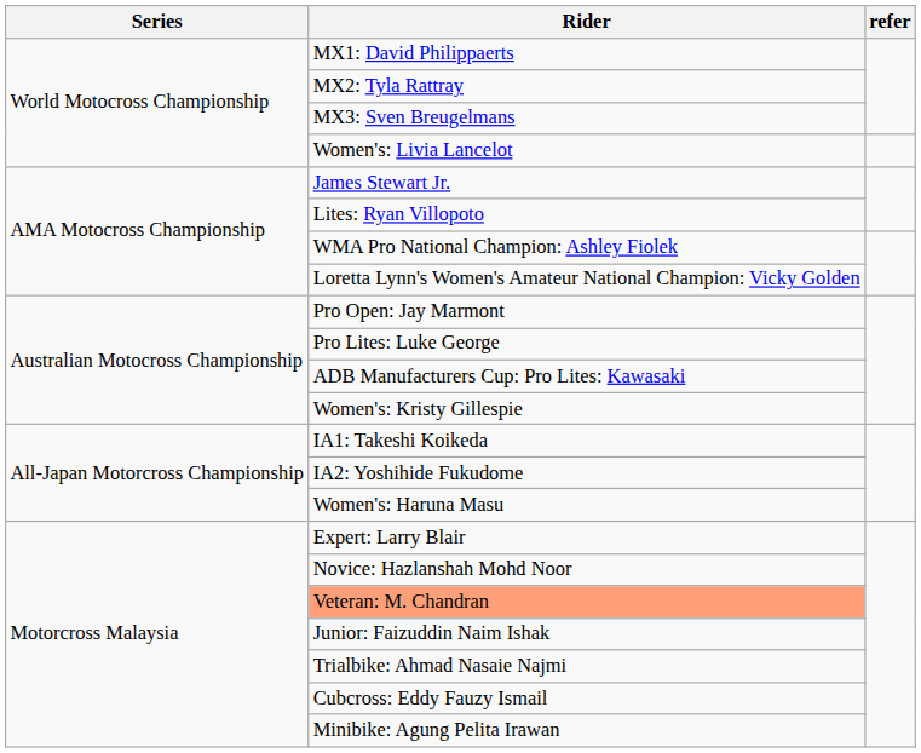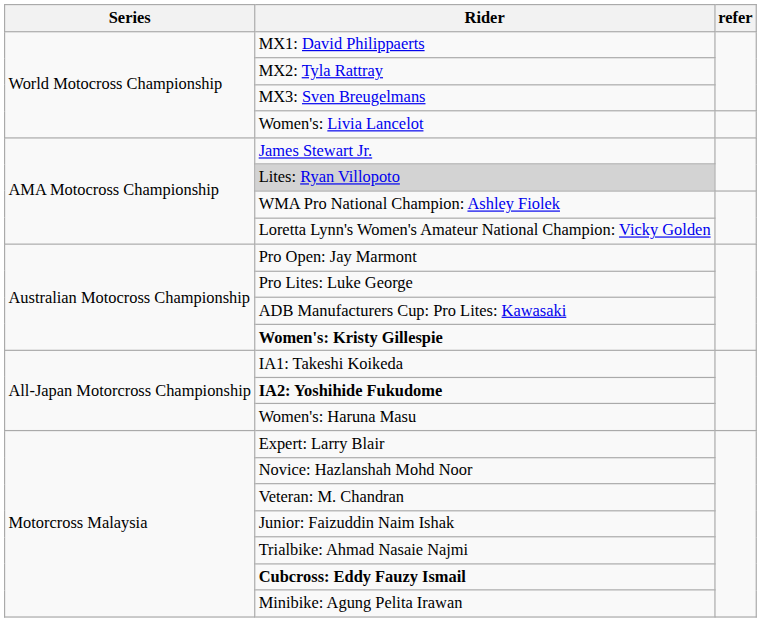 <table class="wikitable" style="font-size: 87%;">
 <tr>
 <th>Series</th>
 <th>Rider</th>
 <th>refer</th>
 </tr>
 <tr>
 <td rowspan=4>World Motocross Championship</td>
 <td>MX1:  <a href='#'>David Philippaerts</a></td>
 <td rowspan=3></td>
 </tr>
 <tr>
 <td>MX2:  <a href='#'>Tyla Rattray</a></td>
 </tr>
 <tr>
 <td>MX3:  <a href='#'>Sven Breugelmans</a></td>
 </tr>
 <tr>
 <td>Women's:  <a href='#'>Livia Lancelot</a></td>
 </tr>
 <tr>
 <td rowspan=4>AMA Motocross Championship</td>
 <td> <a href='#'>James Stewart Jr.</a></td>
 <td rowspan=2></td>
 </tr>
 <tr>
-<td>Lites:  <a href='#'>Ryan Villopoto</a></td>
+<td style="background: lightgrey;">Lites:  <a href='#'>Ryan Villopoto</a></td>
 </tr>
 <tr>
 <td>WMA Pro National Champion:  <a href='#'>Ashley Fiolek</a></td>
 </tr>
 <tr>
 <td>Loretta Lynn's Women's Amateur National Champion:  <a href='#'>Vicky Golden</a></td>
 </tr>
 <tr>
 <td rowspan=4>Australian Motocross Championship</td>
 <td>Pro Open:  Jay Marmont</td>
 <td rowspan=4></td>
 </tr>
 <tr>
 <td>Pro Lites:  Luke George</td>
 </tr>
 <tr>
 <td>ADB Manufacturers Cup: Pro Lites: <a href='#'>Kawasaki</a></td>
 </tr>
 <tr>
-<td>Women's:  Kristy Gillespie</td>
+<td><strong>Women's:  Kristy Gillespie</strong></td>
 </tr>
 <tr>
 <td rowspan=3>All-Japan Motorcross Championship</td>
 <td>IA1:  Takeshi Koikeda</td>
 <td rowspan=3></td>
 </tr>
 <tr>
-<td>IA2:  Yoshihide Fukudome</td>
+<td><strong>IA2:  Yoshihide Fukudome</strong></td>
 </tr>
 <tr>
 <td>Women's:  Haruna Masu</td>
 </tr>
 <tr>
 <td rowspan=7>Motorcross Malaysia</td>
 <td>Expert:  Larry Blair</td>
 <td rowspan=7></td>
 </tr>
 <tr>
 <td>Novice:  Hazlanshah Mohd Noor</td>
 </tr>
 <tr>
-<td style="background: lightsalmon;">Veteran:  M. Chandran</td>
+<td>Veteran:  M. Chandran</td>
 </tr>
 <tr>
 <td>Junior:  Faizuddin Naim Ishak</td>
 </tr>
 <tr>
 <td>Trialbike:  Ahmad Nasaie Najmi</td>
 </tr>
 <tr>
-<td>Cubcross:  Eddy Fauzy Ismail</td>
+<td><strong>Cubcross:  Eddy Fauzy Ismail</strong></td>
 </tr>
 <tr>
 <td>Minibike:  Agung Pelita Irawan</td>
 </tr>
 </table>
